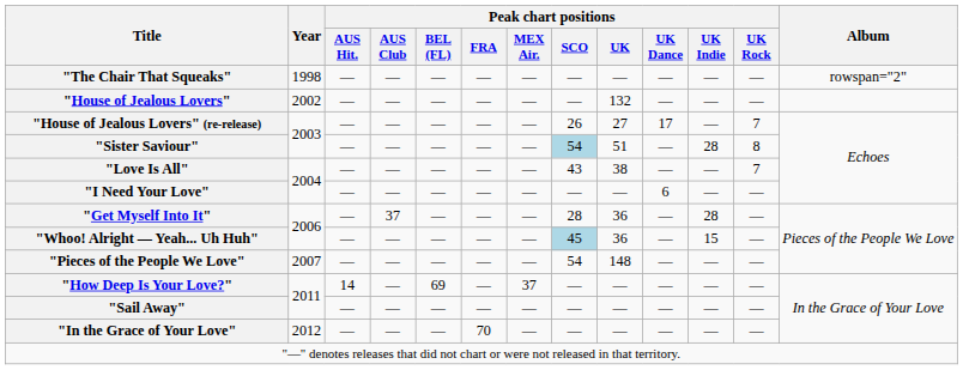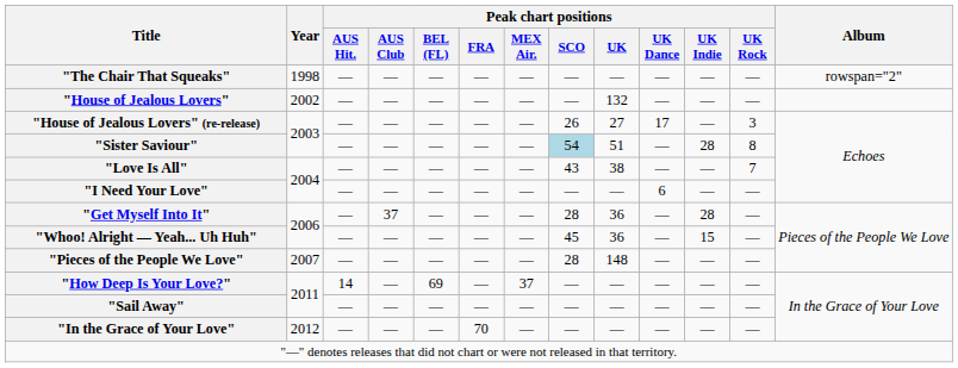 <table class="wikitable plainrowheaders" style="text-align:center;" border="1">
 <tr>
 <th scope="col" rowspan="2" style="width:19em;">Title</th>
 <th scope="col" rowspan="2">Year</th>
 <th scope="col" colspan="10">Peak chart positions</th>
 <th scope="col" rowspan="2">Album</th>
 </tr>
 <tr>
 <th scope="col" style="width:3em;font-size:90%;"><a href='#'>AUS<br>Hit.</a><br></th>
 <th scope="col" style="width:3em;font-size:90%;"><a href='#'>AUS<br>Club</a><br></th>
 <th scope="col" style="width:3em;font-size:90%;"><a href='#'>BEL<br>(FL)</a><br></th>
 <th scope="col" style="width:3em;font-size:90%;"><a href='#'>FRA</a><br></th>
 <th scope="col" style="width:3em;font-size:90%;"><a href='#'>MEX<br>Air.</a><br></th>
 <th scope="col" style="width:3em;font-size:90%;"><a href='#'>SCO</a><br></th>
 <th scope="col" style="width:3em;font-size:90%;"><a href='#'>UK</a><br></th>
 <th scope="col" style="width:3em;font-size:90%;"><a href='#'>UK<br>Dance</a><br></th>
 <th scope="col" style="width:3em;font-size:90%;"><a href='#'>UK<br>Indie</a><br></th>
 <th scope="col" style="width:3em;font-size:90%;"><a href='#'>UK<br>Rock</a><br></th>
 </tr>
 <tr>
 <th scope="row">"The Chair That Squeaks"</th>
 <td>1998</td>
 <td>—</td>
 <td>—</td>
 <td>—</td>
 <td>—</td>
 <td>—</td>
 <td>—</td>
 <td>—</td>
 <td>—</td>
 <td>—</td>
 <td>—</td>
 <td>rowspan="2" </td>
 </tr>
 <tr>
 <th scope="row">"<a href='#'>House of Jealous Lovers</a>"</th>
 <td>2002</td>
 <td>—</td>
 <td>—</td>
 <td>—</td>
 <td>—</td>
 <td>—</td>
 <td>—</td>
 <td>132</td>
 <td>—</td>
 <td>—</td>
 <td>—</td>
 </tr>
 <tr>
 <th scope="row">"House of Jealous Lovers" <small>(re-release)</small></th>
 <td rowspan="2">2003</td>
 <td>—</td>
 <td>—</td>
 <td>—</td>
 <td>—</td>
 <td>—</td>
 <td>26</td>
 <td>27</td>
 <td>17</td>
 <td>—</td>
-<td>7</td>
+<td>3</td>
 <td rowspan="4"><em>Echoes</em></td>
 </tr>
 <tr>
 <th scope="row">"Sister Saviour"</th>
 <td>—</td>
 <td>—</td>
 <td>—</td>
 <td>—</td>
 <td>—</td>
 <td style="background: lightblue;">54</td>
 <td>51</td>
 <td>—</td>
 <td>28</td>
 <td>8</td>
 </tr>
 <tr>
 <th scope="row">"Love Is All"</th>
 <td rowspan="2">2004</td>
 <td>—</td>
 <td>—</td>
 <td>—</td>
 <td>—</td>
 <td>—</td>
 <td>43</td>
 <td>38</td>
 <td>—</td>
 <td>—</td>
 <td>7</td>
 </tr>
 <tr>
 <th scope="row">"I Need Your Love"</th>
 <td>—</td>
 <td>—</td>
 <td>—</td>
 <td>—</td>
 <td>—</td>
 <td>—</td>
 <td>—</td>
 <td>6</td>
 <td>—</td>
 <td>—</td>
 </tr>
 <tr>
 <th scope="row">"<a href='#'>Get Myself Into It</a>"</th>
 <td rowspan="2">2006</td>
 <td>—</td>
 <td>37</td>
 <td>—</td>
 <td>—</td>
 <td>—</td>
 <td>28</td>
 <td>36</td>
 <td>—</td>
 <td>28</td>
 <td>—</td>
 <td rowspan="3"><em>Pieces of the People We Love</em></td>
 </tr>
 <tr>
 <th scope="row">"Whoo! Alright — Yeah... Uh Huh"</th>
 <td>—</td>
 <td>—</td>
 <td>—</td>
 <td>—</td>
 <td>—</td>
-<td style="background: lightblue;">45</td>
+<td>45</td>
 <td>36</td>
 <td>—</td>
 <td>15</td>
 <td>—</td>
 </tr>
 <tr>
 <th scope="row">"Pieces of the People We Love"</th>
 <td>2007</td>
 <td>—</td>
 <td>—</td>
 <td>—</td>
 <td>—</td>
 <td>—</td>
-<td>54</td>
+<td>28</td>
 <td>148</td>
 <td>—</td>
 <td>—</td>
 <td>—</td>
 </tr>
 <tr>
 <th scope="row">"<a href='#'>How Deep Is Your Love?</a>"</th>
 <td rowspan="2">2011</td>
 <td>14</td>
 <td>—</td>
 <td>69</td>
 <td>—</td>
 <td>37</td>
 <td>—</td>
 <td>—</td>
 <td>—</td>
 <td>—</td>
 <td>—</td>
 <td rowspan="3"><em>In the Grace of Your Love</em></td>
 </tr>
 <tr>
 <th scope="row">"Sail Away"</th>
 <td>—</td>
 <td>—</td>
 <td>—</td>
 <td>—</td>
 <td>—</td>
 <td>—</td>
 <td>—</td>
 <td>—</td>
 <td>—</td>
 <td>—</td>
 </tr>
 <tr>
 <th scope="row">"In the Grace of Your Love"</th>
 <td>2012</td>
 <td>—</td>
 <td>—</td>
 <td>—</td>
 <td>70</td>
 <td>—</td>
 <td>—</td>
 <td>—</td>
 <td>—</td>
 <td>—</td>
 <td>—</td>
 </tr>
 <tr>
 <td colspan="13" style="font-size:90%">"—" denotes releases that did not chart or were not released in that territory.</td>
 </tr>
 </table>
